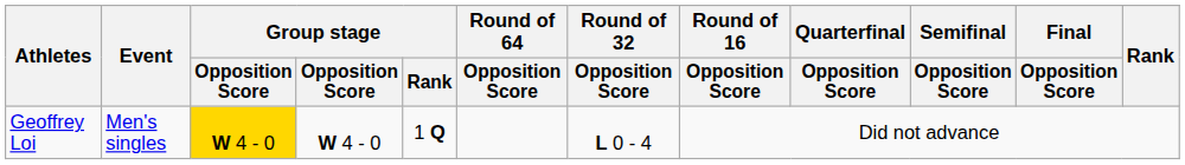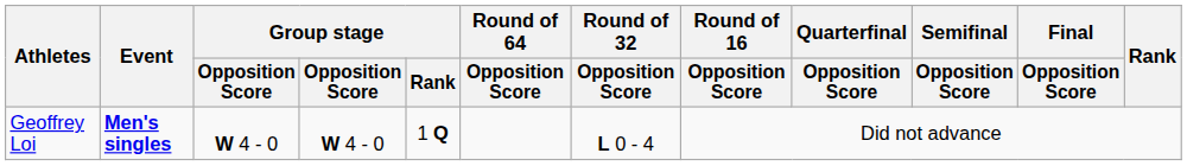 <table class="wikitable" style="font-size:90%">
 <tr>
 <th rowspan=2>Athletes</th>
 <th rowspan=2>Event</th>
 <th colspan=3>Group stage</th>
 <th>Round of 64</th>
 <th>Round of 32</th>
 <th>Round of 16</th>
 <th>Quarterfinal</th>
 <th>Semifinal</th>
 <th>Final</th>
 <th rowspan=2>Rank</th>
 </tr>
 <tr style="font-size:95%">
 <th>Opposition<br>Score</th>
 <th>Opposition<br>Score</th>
 <th>Rank</th>
 <th>Opposition<br>Score</th>
 <th>Opposition<br>Score</th>
 <th>Opposition<br>Score</th>
 <th>Opposition<br>Score</th>
 <th>Opposition<br>Score</th>
 <th>Opposition<br>Score</th>
 </tr>
 <tr align=center>
 <td align=left><a href='#'>Geoffrey Loi</a></td>
-<td align=left><a href='#'>Men's singles</a></td>
-<td style="background: gold;"><br><strong>W</strong> 4 - 0</td>
+<td align=left><strong><a href='#'>Men's singles</a></strong></td>
+<td><br><strong>W</strong> 4 - 0</td>
 <td><br><strong>W</strong> 4 - 0</td>
 <td>1 <strong>Q</strong></td>
 <td></td>
 <td><br><strong>L</strong> 0 - 4</td>
 <td colspan=5>Did not advance</td>
 </tr>
 </table>
